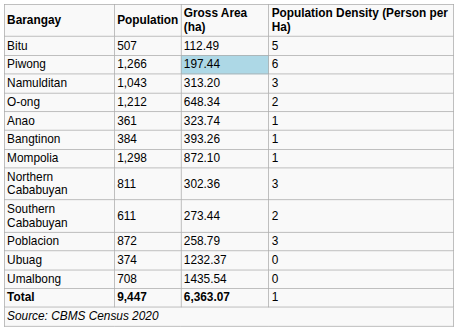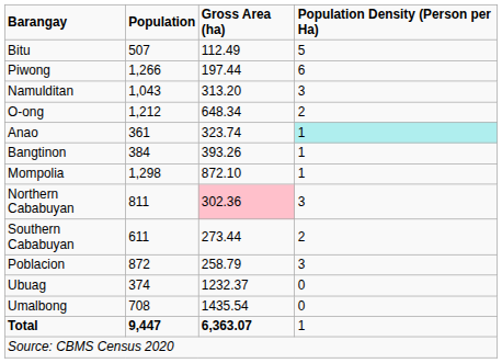 <table class="wikitable">
 <tr>
 <td colspan="2"><strong>Barangay</strong></td>
 <td colspan="2"><strong>Population</strong></td>
 <td><strong>Gross Area (ha)</strong></td>
 <td><strong>Population Density (Person per Ha)</strong></td>
 </tr>
 <tr>
 <td colspan="2">Bitu</td>
 <td colspan="2">507</td>
 <td>112.49</td>
 <td>5</td>
 </tr>
 <tr>
 <td colspan="2">Piwong</td>
 <td colspan="2">1,266</td>
-<td style="background: lightblue;">197.44</td>
+<td>197.44</td>
 <td>6</td>
 </tr>
 <tr>
 <td colspan="2">Namulditan</td>
 <td colspan="2">1,043</td>
 <td>313.20</td>
 <td>3</td>
 </tr>
 <tr>
 <td colspan="2">O-ong</td>
 <td colspan="2">1,212</td>
 <td>648.34</td>
 <td>2</td>
 </tr>
 <tr>
 <td colspan="2">Anao</td>
 <td colspan="2">361</td>
 <td>323.74</td>
-<td>1</td>
+<td style="background: paleturquoise;">1</td>
 </tr>
 <tr>
 <td colspan="2">Bangtinon</td>
 <td colspan="2">384</td>
 <td>393.26</td>
 <td>1</td>
 </tr>
 <tr>
 <td colspan="2">Mompolia</td>
 <td colspan="2">1,298</td>
 <td>872.10</td>
 <td>1</td>
 </tr>
 <tr>
 <td colspan="2">Northern Cababuyan</td>
 <td colspan="2">811</td>
-<td>302.36</td>
+<td style="background: pink;">302.36</td>
 <td>3</td>
 </tr>
 <tr>
 <td colspan="2">Southern Cababuyan</td>
 <td colspan="2">611</td>
 <td>273.44</td>
 <td>2</td>
 </tr>
 <tr>
 <td colspan="2">Poblacion</td>
 <td colspan="2">872</td>
 <td>258.79</td>
 <td>3</td>
 </tr>
 <tr>
 <td colspan="2">Ubuag</td>
 <td colspan="2">374</td>
 <td>1232.37</td>
 <td>0</td>
 </tr>
 <tr>
 <td colspan="2">Umalbong</td>
 <td colspan="2">708</td>
 <td>1435.54</td>
 <td>0</td>
 </tr>
 <tr>
 <td colspan="2"><strong>Total</strong></td>
 <td colspan="2"><strong>9,447</strong></td>
 <td><strong>6,363.07</strong></td>
 <td>1</td>
 </tr>
 <tr>
 <td colspan="6"><em>Source: CBMS Census 2020</em></td>
 </tr>
 </table>
